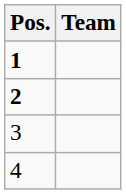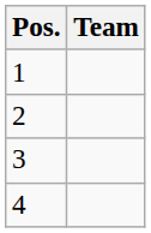 <table class="wikitable">
 <tr>
 <th>Pos.</th>
 <th>Team</th>
 </tr>
 <tr>
-<td><strong>1</strong></td>
+<td>1</td>
 <td></td>
 </tr>
 <tr>
-<td><strong>2</strong></td>
+<td>2</td>
 <td></td>
 </tr>
 <tr>
 <td>3</td>
 <td></td>
 </tr>
 <tr>
 <td>4</td>
 <td></td>
 </tr>
 </table>
